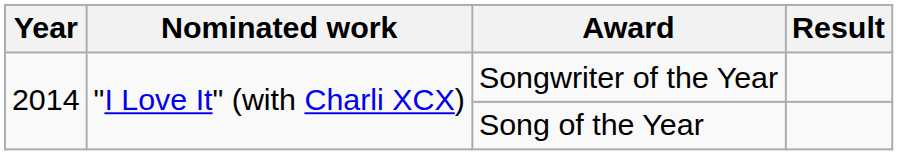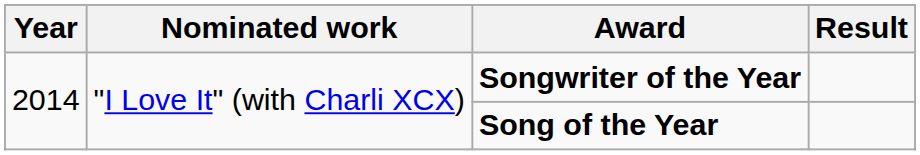 <table class="wikitable">
 <tr>
 <th>Year</th>
 <th>Nominated work</th>
 <th>Award</th>
 <th>Result</th>
 </tr>
 <tr>
 <td rowspan="2">2014</td>
 <td rowspan="2">"<a href='#'>I Love It</a>" (with <a href='#'>Charli XCX</a>)</td>
-<td>Songwriter of the Year</td>
+<td><strong>Songwriter of the Year</strong></td>
 <td></td>
 </tr>
 <tr>
-<td>Song of the Year</td>
+<td><strong>Song of the Year</strong></td>
 <td></td>
 </tr>
 </table>
